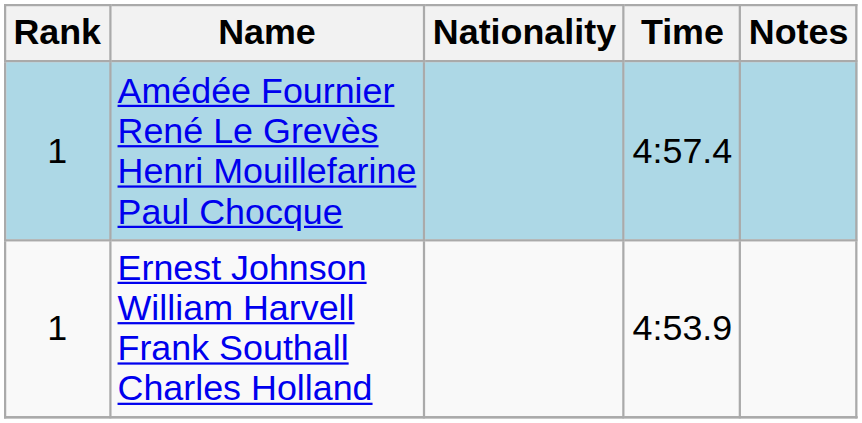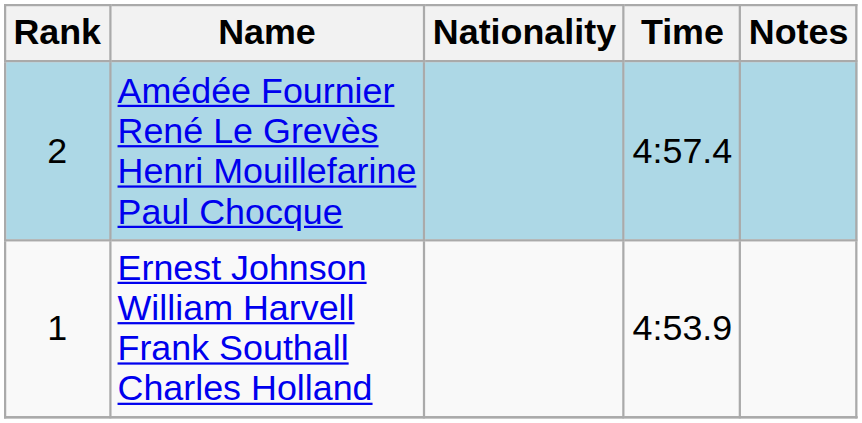 <table class="wikitable sortable" style="text-align:center">
 <tr>
 <th>Rank</th>
 <th>Name</th>
 <th>Nationality</th>
 <th>Time</th>
 <th>Notes</th>
 </tr>
 <tr bgcolor=lightblue>
-<td>1</td>
+<td>2</td>
 <td align=left><a href='#'>Amédée Fournier</a><br><a href='#'>René Le Grevès</a><br><a href='#'>Henri Mouillefarine</a><br><a href='#'>Paul Chocque</a></td>
 <td align=left></td>
 <td>4:57.4</td>
 <td></td>
 </tr>
 <tr>
 <td>1</td>
 <td align=left><a href='#'>Ernest Johnson</a><br><a href='#'>William Harvell</a><br><a href='#'>Frank Southall</a><br><a href='#'>Charles Holland</a></td>
 <td align=left></td>
 <td>4:53.9</td>
 <td></td>
 </tr>
 <tr>
 </tr>
 </table>
